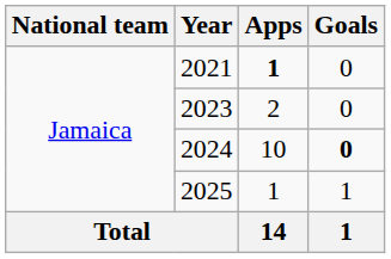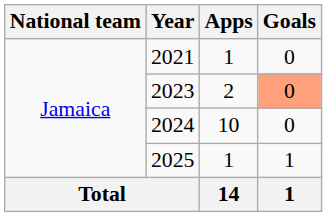 <table class="wikitable" style="text-align:center">
 <tr>
 <th>National team</th>
 <th>Year</th>
 <th>Apps</th>
 <th>Goals</th>
 </tr>
 <tr>
 <td rowspan="4"><a href='#'>Jamaica</a></td>
 <td>2021</td>
-<td><strong>1</strong></td>
+<td>1</td>
 <td>0</td>
 </tr>
 <tr>
 <td>2023</td>
 <td>2</td>
-<td>0</td>
+<td style="background: lightsalmon;">0</td>
 </tr>
 <tr>
 <td>2024</td>
 <td>10</td>
-<td><strong>0</strong></td>
+<td>0</td>
 </tr>
 <tr>
 <td>2025</td>
 <td>1</td>
 <td>1</td>
 </tr>
 <tr>
 <th colspan="2">Total</th>
 <th>14</th>
 <th>1</th>
 </tr>
 </table>
